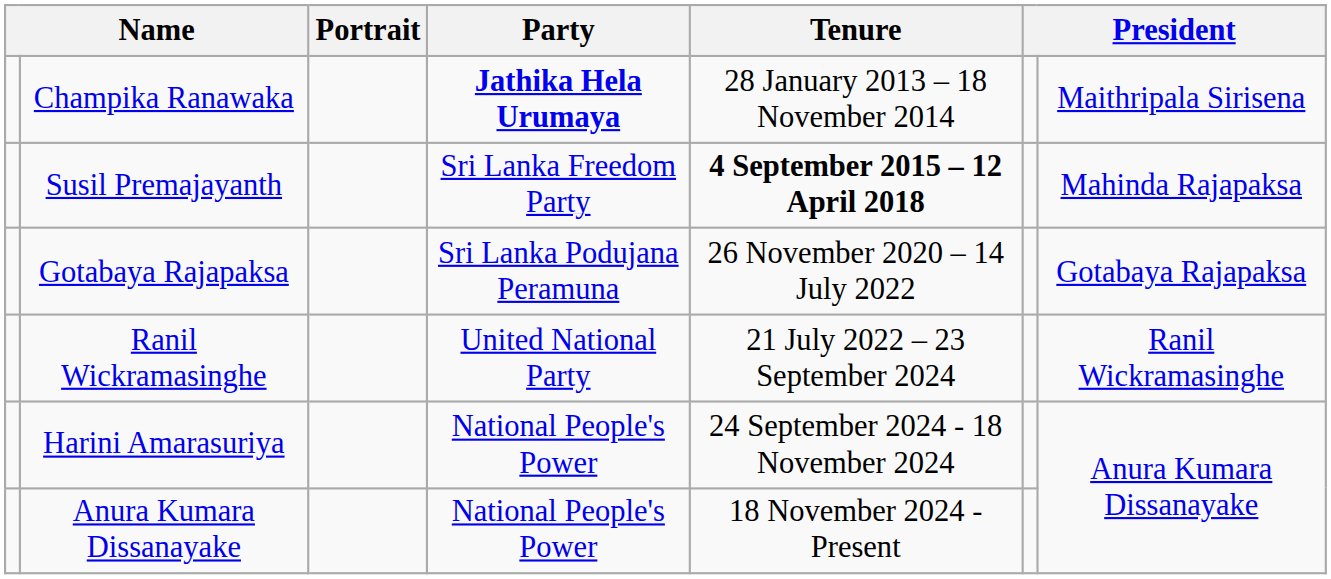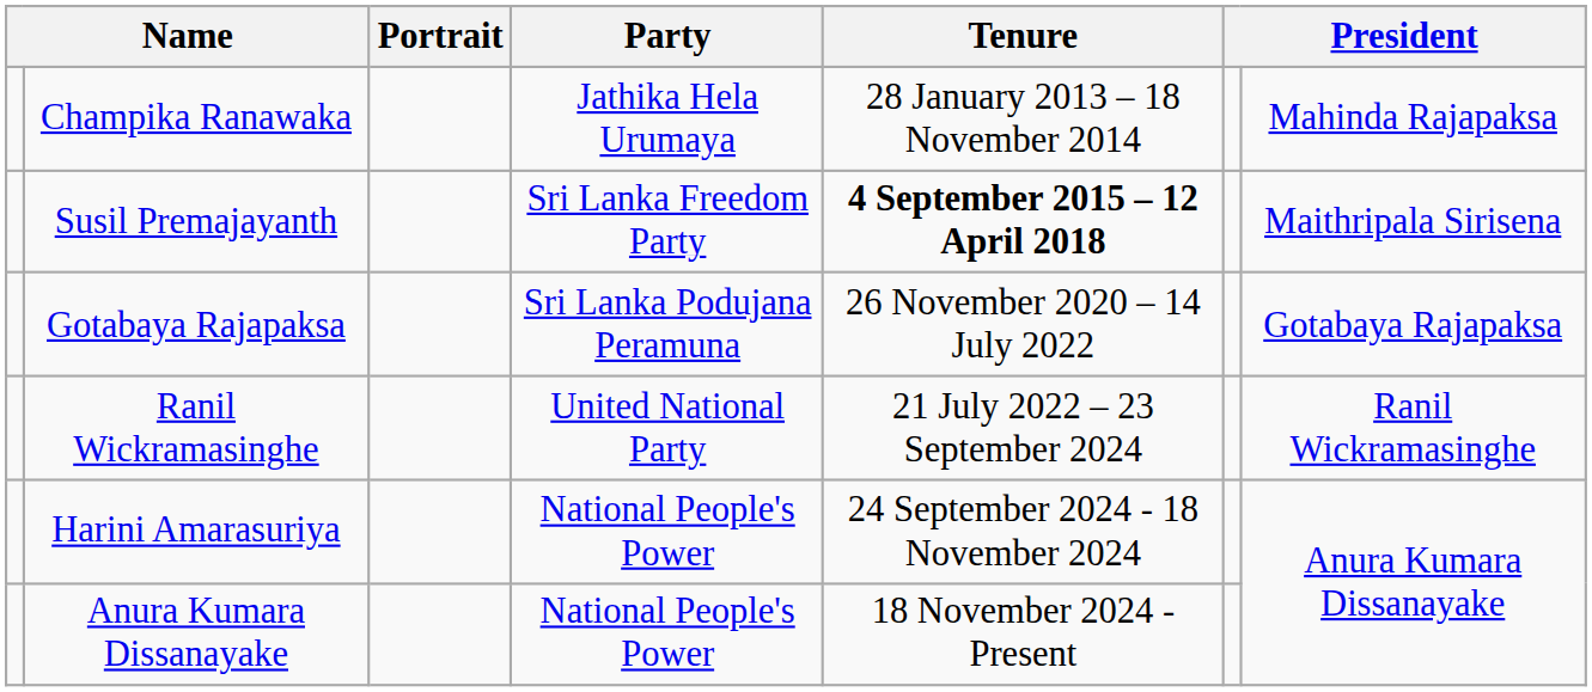 <table class="wikitable" style="font-size:90%; text-align:center; margin:1em auto;">
 <tr>
 <th colspan="2">Name</th>
 <th>Portrait</th>
 <th>Party</th>
 <th>Tenure</th>
 <th colspan="2"><a href='#'>President</a></th>
 </tr>
 <tr>
 <td !align="center" style="background:"></td>
 <td><a href='#'>Champika Ranawaka</a></td>
 <td></td>
-<td><strong><a href='#'>Jathika Hela Urumaya</a></strong></td>
+<td><a href='#'>Jathika Hela Urumaya</a></td>
 <td>28 January 2013 – 18 November 2014</td>
 <td !align="center" style="background:"></td>
-<td><a href='#'>Maithripala Sirisena</a></td>
+<td><a href='#'>Mahinda Rajapaksa</a></td>
 </tr>
 <tr>
 <td !align="center" style="background:"></td>
 <td><a href='#'>Susil Premajayanth</a></td>
 <td></td>
 <td><a href='#'>Sri Lanka Freedom Party</a></td>
 <td><strong>4 September 2015 – 12 April  2018</strong></td>
 <td !align="center" style="background:"></td>
-<td><a href='#'>Mahinda Rajapaksa</a></td>
+<td><a href='#'>Maithripala Sirisena</a></td>
 </tr>
 <tr>
 <td !align="center" style="background:"></td>
 <td><a href='#'>Gotabaya Rajapaksa</a></td>
 <td></td>
 <td><a href='#'>Sri Lanka Podujana Peramuna</a></td>
 <td>26 November 2020 – 14 July 2022</td>
 <td !align="center" style="background:"></td>
 <td><a href='#'>Gotabaya Rajapaksa</a></td>
 </tr>
 <tr>
 <td !align="center" style="background:"></td>
 <td><a href='#'>Ranil Wickramasinghe</a></td>
 <td></td>
 <td><a href='#'>United National Party</a></td>
 <td>21 July 2022 – 23 September 2024</td>
 <td !align="center" style="background:"></td>
 <td><a href='#'>Ranil Wickramasinghe</a></td>
 </tr>
 <tr>
 <td !align="center" style="background:"></td>
 <td><a href='#'>Harini Amarasuriya</a></td>
 <td></td>
 <td><a href='#'>National People's Power</a></td>
 <td>24 September 2024 - 18 November 2024</td>
 <td !align="center" style="background:"></td>
 <td rowspan="2"><a href='#'>Anura Kumara Dissanayake</a></td>
 </tr>
 <tr>
 <td !align="center" style="background:"></td>
 <td><a href='#'>Anura Kumara Dissanayake</a></td>
 <td></td>
 <td><a href='#'>National People's Power</a></td>
 <td>18 November 2024 - Present</td>
 <td !align="center" style="background:"></td>
 </tr>
 </table>
